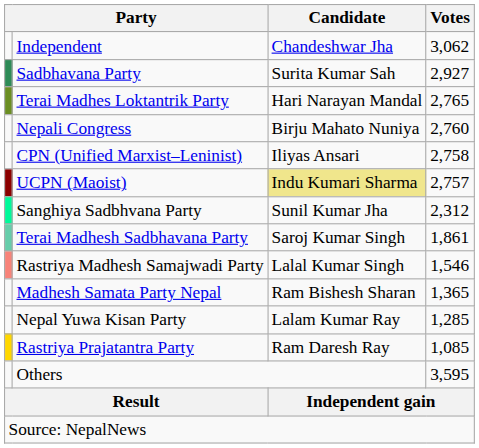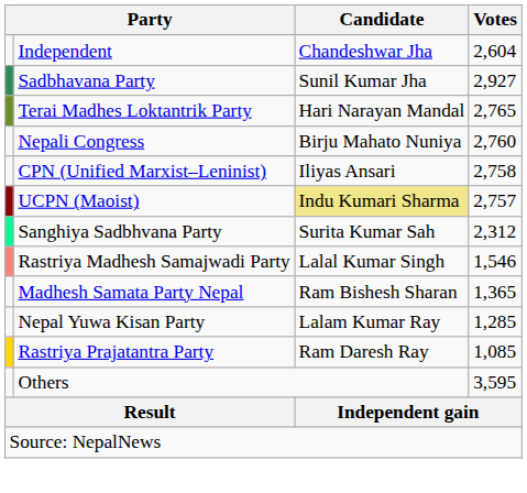 <table class="wikitable">
 <tr>
 <th colspan="2">Party</th>
 <th>Candidate</th>
 <th>Votes</th>
 </tr>
 <tr>
 <td style="background-color:"></td>
 <td><a href='#'>Independent</a></td>
 <td><a href='#'>Chandeshwar Jha</a></td>
-<td>3,062</td>
+<td>2,604</td>
 </tr>
 <tr>
 <td style="background-color:seagreen"></td>
 <td><a href='#'>Sadbhavana Party</a></td>
-<td>Surita Kumar Sah</td>
+<td>Sunil Kumar Jha</td>
 <td>2,927</td>
 </tr>
 <tr>
 <td style="background-color:olivedrab"></td>
 <td><a href='#'>Terai Madhes Loktantrik Party</a></td>
 <td>Hari Narayan Mandal</td>
 <td>2,765</td>
 </tr>
 <tr>
 <td style="background-color:"></td>
 <td><a href='#'>Nepali Congress</a></td>
 <td>Birju Mahato Nuniya</td>
 <td>2,760</td>
 </tr>
 <tr>
 <td style="background-color:"></td>
 <td><a href='#'>CPN (Unified Marxist–Leninist)</a></td>
 <td>Iliyas Ansari</td>
 <td>2,758</td>
 </tr>
 <tr>
 <td style="background-color:darkred"></td>
 <td><a href='#'>UCPN (Maoist)</a></td>
 <td style="background: khaki;">Indu Kumari Sharma</td>
 <td>2,757</td>
 </tr>
 <tr>
 <td bgcolor="mediumspringgreen"></td>
 <td>Sanghiya Sadbhvana Party</td>
-<td>Sunil Kumar Jha</td>
+<td>Surita Kumar Sah</td>
 <td>2,312</td>
-</tr>
-<tr>
-<td bgcolor="mediumaquamarine"></td>
-<td><a href='#'>Terai Madhesh Sadbhavana Party</a></td>
-<td>Saroj Kumar Singh</td>
-<td>1,861</td>
 </tr>
 <tr>
 <td style="background-color:#F88379"></td>
 <td>Rastriya Madhesh Samajwadi Party</td>
 <td>Lalal Kumar Singh</td>
 <td>1,546</td>
 </tr>
 <tr>
 <td></td>
 <td><a href='#'>Madhesh Samata Party Nepal</a></td>
 <td>Ram Bishesh Sharan</td>
 <td>1,365</td>
 </tr>
 <tr>
 <td></td>
 <td>Nepal Yuwa Kisan Party</td>
 <td>Lalam Kumar Ray</td>
 <td>1,285</td>
 </tr>
 <tr>
 <td style="background-color:gold"></td>
 <td><a href='#'>Rastriya Prajatantra Party</a></td>
 <td>Ram Daresh Ray</td>
 <td>1,085</td>
 </tr>
 <tr>
 <td></td>
 <td colspan="2">Others</td>
 <td>3,595</td>
 </tr>
 <tr>
 <th colspan="2">Result</th>
 <th colspan="2">Independent gain</th>
 </tr>
 <tr>
 <td colspan="4">Source: NepalNews</td>
 </tr>
 </table>
